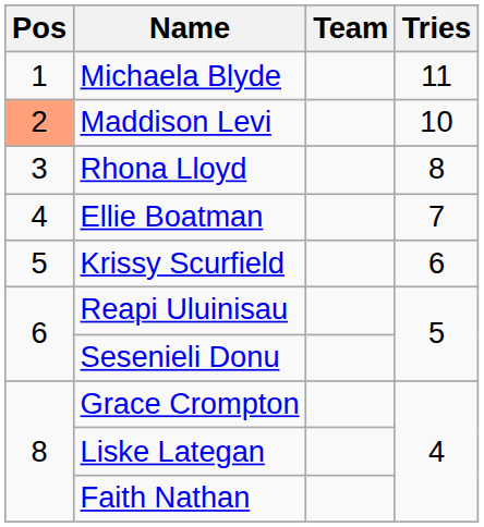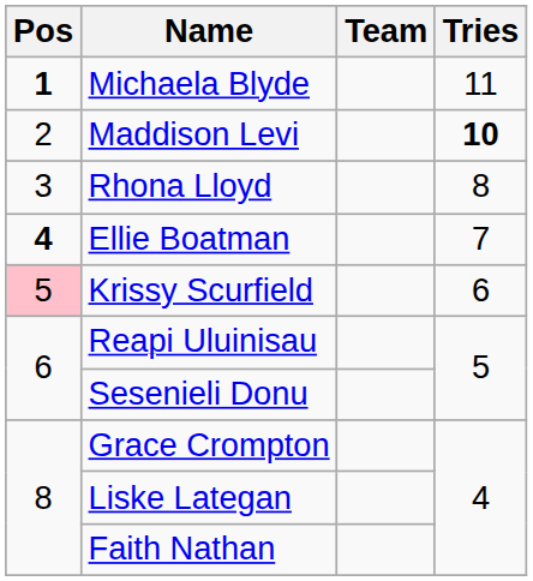 <table class="wikitable" style="text-align:center">
 <tr>
 <th>Pos</th>
 <th>Name</th>
 <th>Team</th>
 <th>Tries</th>
 </tr>
 <tr>
-<td>1</td>
+<td><strong>1</strong></td>
 <td align="left"><a href='#'>Michaela Blyde</a></td>
 <td align="left"></td>
 <td>11</td>
 </tr>
 <tr>
-<td style="background: lightsalmon;">2</td>
+<td>2</td>
 <td align="left"><a href='#'>Maddison Levi</a></td>
 <td align="left"></td>
-<td>10</td>
+<td><strong>10</strong></td>
 </tr>
 <tr>
 <td>3</td>
 <td align="left"><a href='#'>Rhona Lloyd</a></td>
 <td align="left"></td>
 <td>8</td>
 </tr>
 <tr>
-<td>4</td>
+<td><strong>4</strong></td>
 <td align="left"><a href='#'>Ellie Boatman</a></td>
 <td align="left"></td>
 <td>7</td>
 </tr>
 <tr>
-<td>5</td>
+<td style="background: pink;">5</td>
 <td align="left"><a href='#'>Krissy Scurfield</a></td>
 <td align="left"></td>
 <td>6</td>
 </tr>
 <tr>
 <td rowspan=2>6</td>
 <td align="left"><a href='#'>Reapi Uluinisau</a></td>
 <td align="left"></td>
 <td rowspan=2>5</td>
 </tr>
 <tr>
 <td align="left"><a href='#'>Sesenieli Donu</a></td>
 <td align="left"></td>
 </tr>
 <tr>
 <td rowspan=3>8</td>
 <td align="left"><a href='#'>Grace Crompton</a></td>
 <td align="left"></td>
 <td rowspan=3>4</td>
 </tr>
 <tr>
 <td align="left"><a href='#'>Liske Lategan</a></td>
 <td align="left"></td>
 </tr>
 <tr>
 <td align="left"><a href='#'>Faith Nathan</a></td>
 <td align="left"></td>
 </tr>
 </table>
